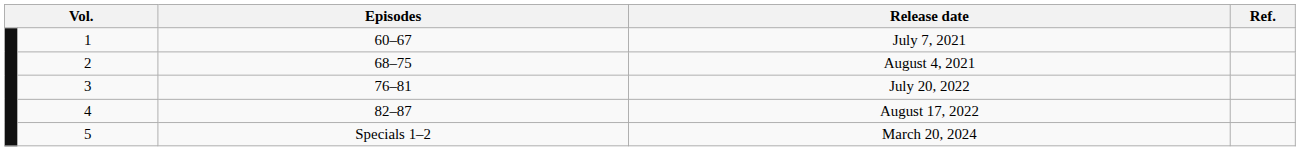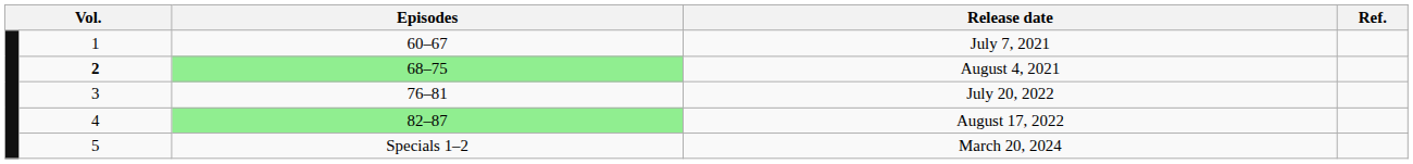 <table class="wikitable" style="text-align: center; width: 70%;">
 <tr>
 <th colspan="2">Vol.</th>
 <th>Episodes</th>
 <th scope="column">Release date</th>
 <th width="5%">Ref.</th>
 </tr>
 <tr>
 <td rowspan="5" width="1%" style="background: #111;"></td>
 <td>1</td>
 <td>60–67</td>
 <td>July 7, 2021</td>
 <td></td>
 </tr>
 <tr>
-<td>2</td>
-<td>68–75</td>
+<td><strong>2</strong></td>
+<td style="background: lightgreen;">68–75</td>
 <td>August 4, 2021</td>
 <td></td>
 </tr>
 <tr>
 <td>3</td>
 <td>76–81</td>
 <td>July 20, 2022</td>
 <td></td>
 </tr>
 <tr>
 <td>4</td>
-<td>82–87</td>
+<td style="background: lightgreen;">82–87</td>
 <td>August 17, 2022</td>
 <td></td>
 </tr>
 <tr>
 <td>5</td>
 <td>Specials 1–2</td>
 <td>March 20, 2024</td>
 <td></td>
 </tr>
 </table>
